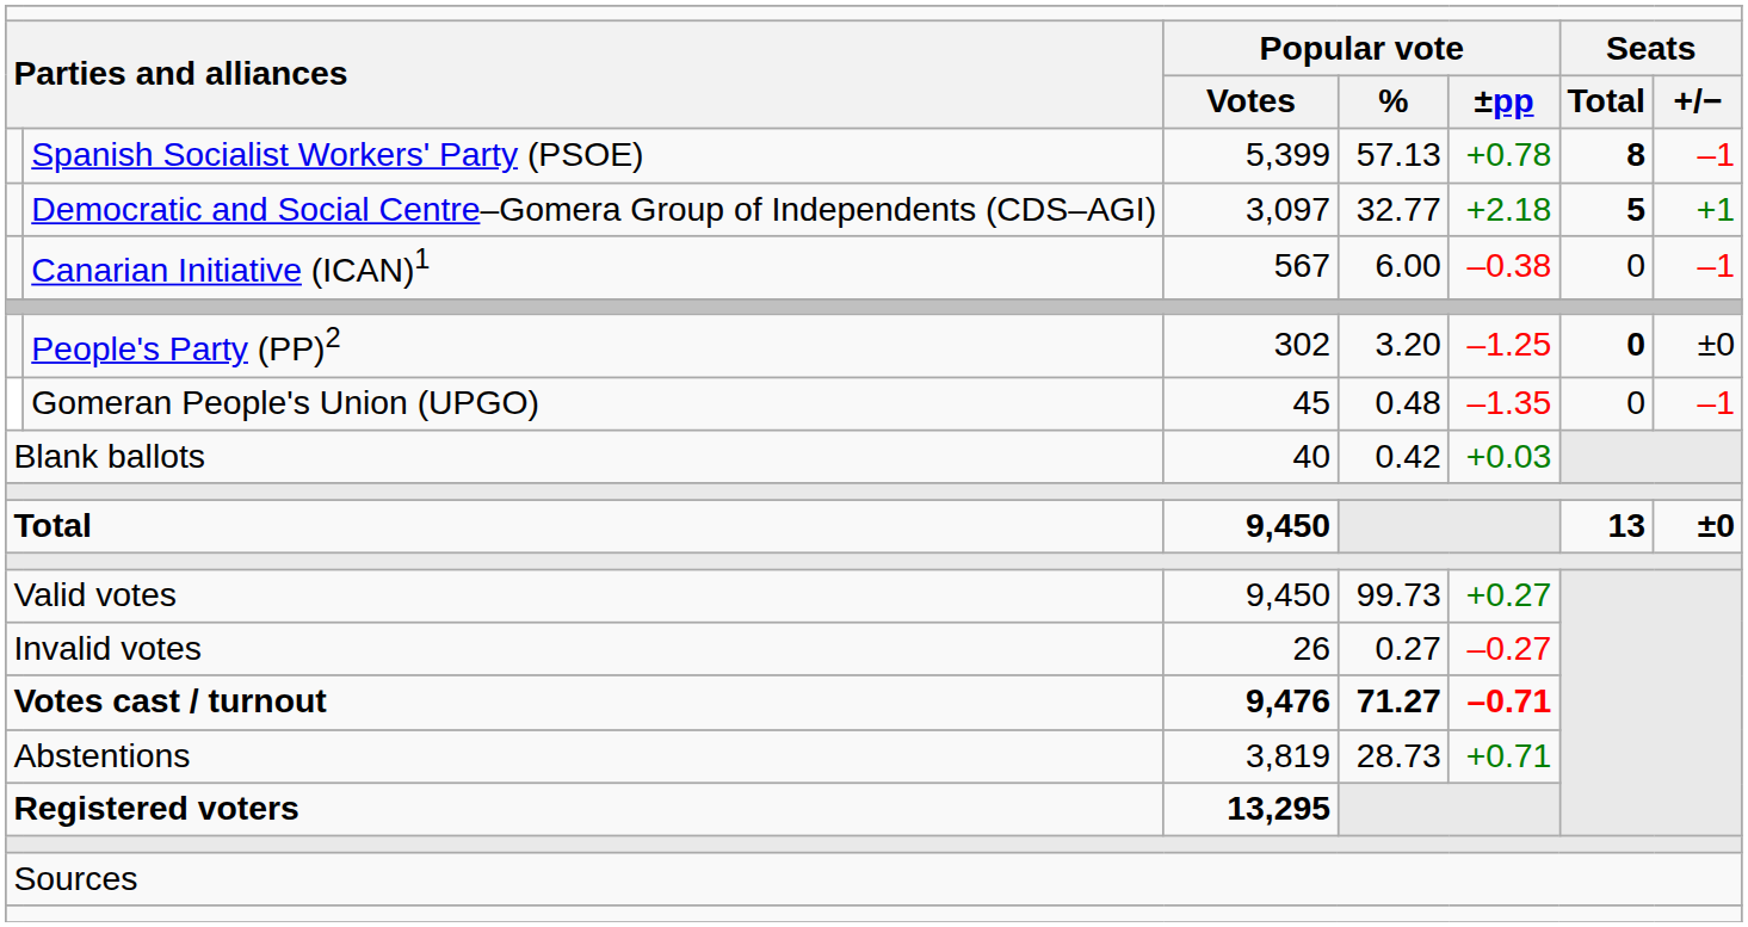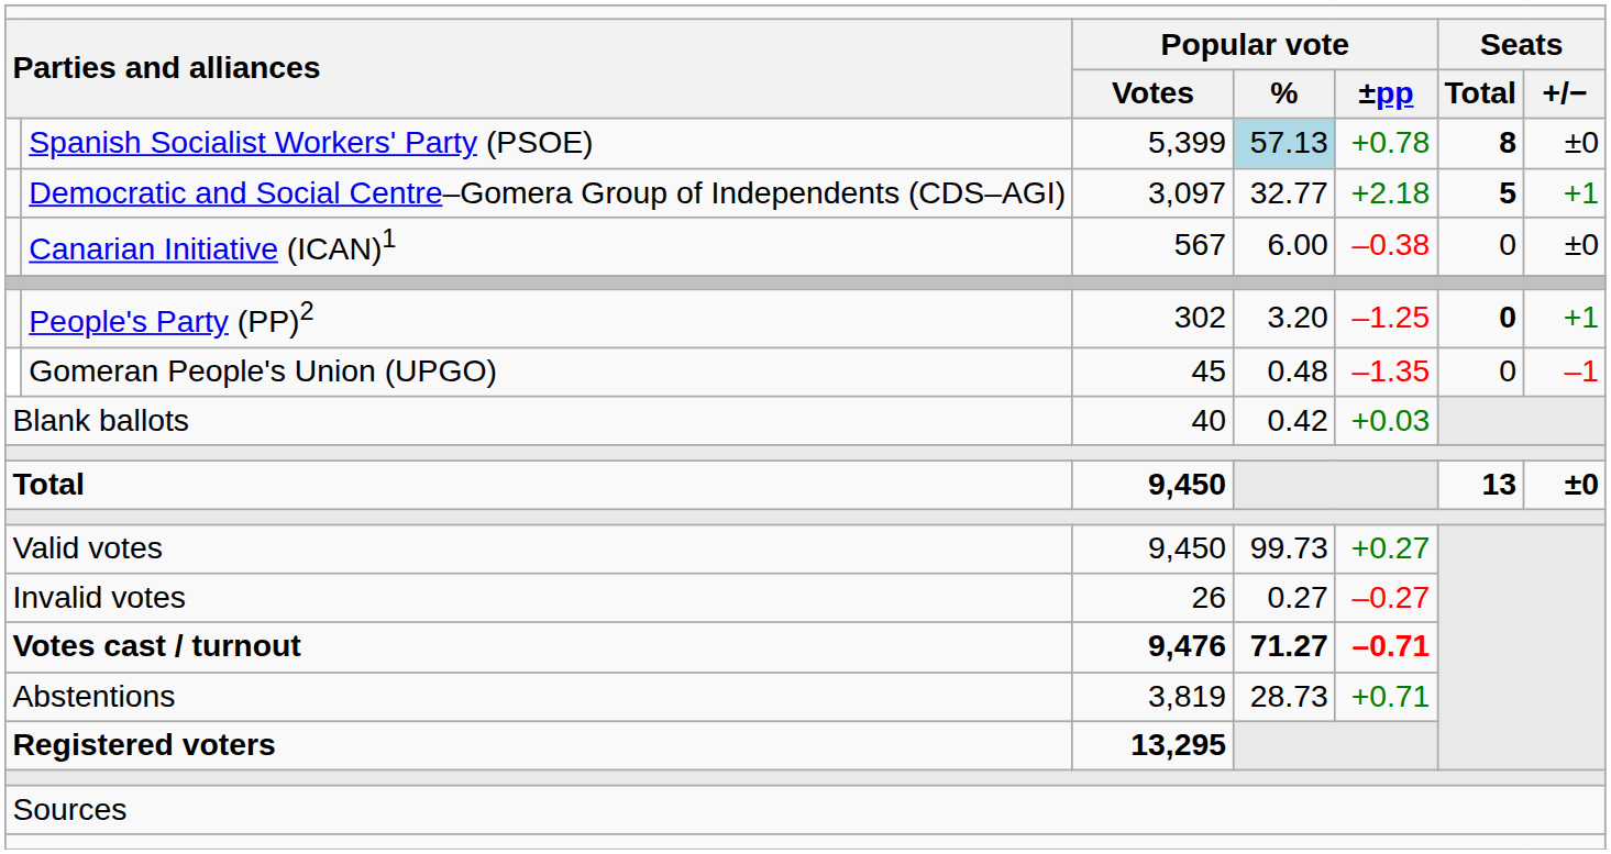 <table class="wikitable" style="text-align:right;">
 <tr>
 <td colspan="7"></td>
 </tr>
 <tr>
 <th style="text-align:left;" rowspan="2" colspan="2" width="525">Parties and alliances</th>
 <th colspan="3">Popular vote</th>
 <th colspan="2">Seats</th>
 </tr>
 <tr>
 <th width="75">Votes</th>
 <th width="45">%</th>
 <th width="45">±<a href='#'>pp</a></th>
 <th width="35">Total</th>
 <th width="35">+/−</th>
 </tr>
 <tr>
 <td width="1" style="color:inherit;background:"></td>
 <td align="left"><a href='#'>Spanish Socialist Workers' Party</a> (PSOE)</td>
 <td>5,399</td>
-<td>57.13</td>
+<td style="background: lightblue;">57.13</td>
 <td style="color:green;">+0.78</td>
 <td><strong>8</strong></td>
-<td style="color:red;">–1</td>
+<td>±0</td>
 </tr>
 <tr>
 <td style="color:inherit;background:"></td>
 <td align="left"><a href='#'>Democratic and Social Centre</a>–Gomera Group of Independents (CDS–AGI)</td>
 <td>3,097</td>
 <td>32.77</td>
 <td style="color:green;">+2.18</td>
 <td><strong>5</strong></td>
 <td style="color:green;">+1</td>
 </tr>
 <tr>
 <td style="color:inherit;background:"></td>
 <td align="left"><a href='#'>Canarian Initiative</a> (ICAN)<sup>1</sup></td>
 <td>567</td>
 <td>6.00</td>
 <td style="color:red;">–0.38</td>
 <td>0</td>
-<td style="color:red;">–1</td>
+<td>±0</td>
 </tr>
 <tr>
 <td colspan="7" bgcolor="#C0C0C0"></td>
 </tr>
 <tr>
 <td style="color:inherit;background:"></td>
 <td align="left"><a href='#'>People's Party</a> (PP)<sup>2</sup></td>
 <td>302</td>
 <td>3.20</td>
 <td style="color:red;">–1.25</td>
 <td><strong>0</strong></td>
-<td>±0</td>
+<td style="color:green;">+1</td>
 </tr>
 <tr>
 <td bgcolor="white"></td>
 <td align="left">Gomeran People's Union (UPGO)</td>
 <td>45</td>
 <td>0.48</td>
 <td style="color:red;">–1.35</td>
 <td>0</td>
 <td style="color:red;">–1</td>
 </tr>
 <tr>
 <td align="left" colspan="2">Blank ballots</td>
 <td>40</td>
 <td>0.42</td>
 <td style="color:green;">+0.03</td>
 <td bgcolor="#E9E9E9" colspan="2"></td>
 </tr>
 <tr>
 <td colspan="7" bgcolor="#E9E9E9"></td>
 </tr>
 <tr style="font-weight:bold;">
 <td align="left" colspan="2">Total</td>
 <td>9,450</td>
 <td bgcolor="#E9E9E9" colspan="2"></td>
 <td>13</td>
 <td>±0</td>
 </tr>
 <tr>
 <td colspan="7" bgcolor="#E9E9E9"></td>
 </tr>
 <tr>
 <td align="left" colspan="2">Valid votes</td>
 <td>9,450</td>
 <td>99.73</td>
 <td style="color:green;">+0.27</td>
 <td bgcolor="#E9E9E9" colspan="2" rowspan="5"></td>
 </tr>
 <tr>
 <td align="left" colspan="2">Invalid votes</td>
 <td>26</td>
 <td>0.27</td>
 <td style="color:red;">–0.27</td>
 </tr>
 <tr style="font-weight:bold;">
 <td align="left" colspan="2">Votes cast / turnout</td>
 <td>9,476</td>
 <td>71.27</td>
 <td style="color:red;">–0.71</td>
 </tr>
 <tr>
 <td align="left" colspan="2">Abstentions</td>
 <td>3,819</td>
 <td>28.73</td>
 <td style="color:green;">+0.71</td>
 </tr>
 <tr style="font-weight:bold;">
 <td align="left" colspan="2">Registered voters</td>
 <td>13,295</td>
 <td bgcolor="#E9E9E9" colspan="2"></td>
 </tr>
 <tr>
 <td colspan="7" bgcolor="#E9E9E9"></td>
 </tr>
 <tr>
 <td align="left" colspan="7">Sources</td>
 </tr>
 <tr>
 <td colspan="7" style="text-align:left; max-width:790px;"></td>
 </tr>
 </table>
